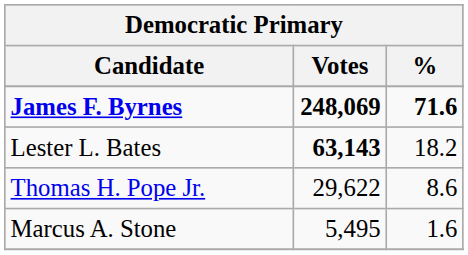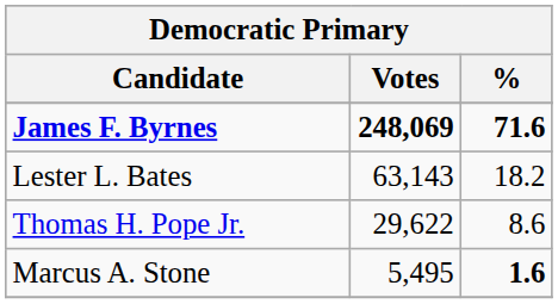 <table class="wikitable" style="background: #f9f9f9; font-size: 95%;">
 <tr style="background-color:#E9E9E9">
 <th colspan="3">Democratic Primary</th>
 </tr>
 <tr style="background-color:#E9E9E9">
 <th colspan="1" style="width: 170px">Candidate</th>
 <th style="width: 50px">Votes</th>
 <th style="width: 40px">%</th>
 </tr>
 <tr>
 </tr>
 <tr>
 <td><strong><a href='#'>James F. Byrnes</a></strong></td>
 <td align="right"><strong>248,069</strong></td>
 <td align="right"><strong>71.6</strong></td>
 </tr>
 <tr>
 <td>Lester L. Bates</td>
-<td align="right"><strong>63,143</strong></td>
+<td align="right">63,143</td>
 <td align="right">18.2</td>
 </tr>
 <tr>
 <td><a href='#'>Thomas H. Pope Jr.</a></td>
 <td align="right">29,622</td>
 <td align="right">8.6</td>
 </tr>
 <tr>
 <td>Marcus A. Stone</td>
 <td align="right">5,495</td>
-<td align="right">1.6</td>
+<td align="right"><strong>1.6</strong></td>
 </tr>
 <tr>
 </tr>
 </table>
